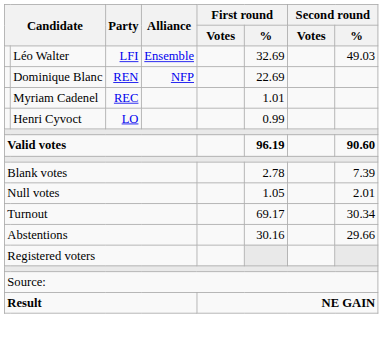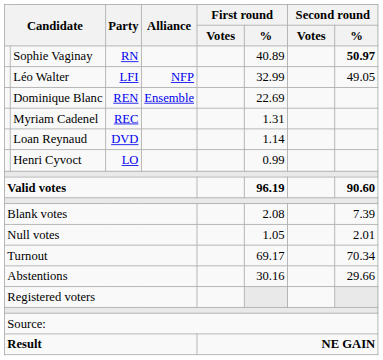 <table class="wikitable" style="text-align:right;font-size:95%;">
 <tr>
 <th colspan="2" rowspan="2">Candidate</th>
 <th colspan="1" rowspan="2">Party</th>
 <th colspan="1" rowspan="2">Alliance</th>
 <th colspan="2">First round</th>
 <th colspan="2">Second round</th>
 </tr>
 <tr>
 <th style="width:50px;">Votes</th>
 <th style="width:45px;">%</th>
 <th style="width:50px;">Votes</th>
 <th style="width:45px;">%</th>
 </tr>
 <tr>
 <td style="color:inherit;background:"></td>
+<td style="text-align:left;">Sophie Vaginay</td>
+<td><a href='#'>RN</a></td>
+<td></td>
+<td></td>
+<td>40.89</td>
+<td><strong></strong></td>
+<td><strong>50.97</strong></td>
+</tr>
+<tr>
+<td style="color:inherit;background:"></td>
 <td style="text-align:left;">Léo Walter</td>
 <td><a href='#'>LFI</a></td>
-<td><a href='#'>Ensemble</a></td>
+<td><a href='#'>NFP</a></td>
 <td></td>
-<td>32.69</td>
+<td>32.99</td>
 <td></td>
-<td>49.03</td>
+<td>49.05</td>
 </tr>
 <tr>
 <td style="color:inherit;background:"></td>
 <td style="text-align:left;">Dominique Blanc</td>
 <td><a href='#'>REN</a></td>
-<td><a href='#'>NFP</a></td>
+<td><a href='#'>Ensemble</a></td>
 <td></td>
 <td>22.69</td>
 <td></td>
 <td></td>
 </tr>
 <tr>
 <td style="color:inherit;background:"></td>
 <td style="text-align:left;">Myriam Cadenel</td>
 <td><a href='#'>REC</a></td>
 <td></td>
 <td></td>
-<td>1.01</td>
+<td>1.31</td>
+<td></td>
+<td></td>
+</tr>
+<tr>
+<td style="color:inherit;background:"></td>
+<td style="text-align:left;">Loan Reynaud</td>
+<td><a href='#'>DVD</a></td>
+<td></td>
+<td></td>
+<td>1.14</td>
 <td></td>
 <td></td>
 </tr>
 <tr>
 <td style="color:inherit;background:"></td>
 <td style="text-align:left;">Henri Cyvoct</td>
 <td><a href='#'>LO</a></td>
 <td></td>
 <td></td>
 <td>0.99</td>
 <td></td>
 <td></td>
 </tr>
 <tr>
 <td colspan="8" style="background:#E9E9E9;"></td>
 </tr>
 <tr style="font-weight:bold;">
 <td colspan="4" style="text-align:left;">Valid votes</td>
 <td></td>
 <td>96.19</td>
 <td></td>
 <td>90.60</td>
 </tr>
 <tr>
 <td colspan="8" style="background:#E9E9E9;"></td>
 </tr>
 <tr>
 <td colspan="4" style="text-align:left;">Blank votes</td>
 <td></td>
-<td>2.78</td>
+<td>2.08</td>
 <td></td>
 <td>7.39</td>
 </tr>
 <tr>
 <td colspan="4" style="text-align:left;">Null votes</td>
 <td></td>
 <td>1.05</td>
 <td></td>
 <td>2.01</td>
 </tr>
 <tr>
 <td colspan="4" style="text-align:left;">Turnout</td>
 <td></td>
 <td>69.17</td>
 <td></td>
-<td>30.34</td>
+<td>70.34</td>
 </tr>
 <tr>
 <td colspan="4" style="text-align:left;">Abstentions</td>
 <td></td>
 <td>30.16</td>
 <td></td>
 <td>29.66</td>
 </tr>
 <tr>
 <td colspan="4" style="text-align:left;">Registered voters</td>
 <td></td>
 <td style="background:#E9E9E9;"></td>
 <td></td>
 <td style="background:#E9E9E9;"></td>
 </tr>
 <tr>
 <td colspan="8" style="background:#E9E9E9;"></td>
 </tr>
 <tr>
 <td colspan="8" style="text-align:left;">Source: </td>
 </tr>
 <tr style="font-weight:bold">
 <td colspan="4" style="text-align:left;">Result</td>
 <td colspan="4" style="background-color:">NE GAIN</td>
 </tr>
 </table>
